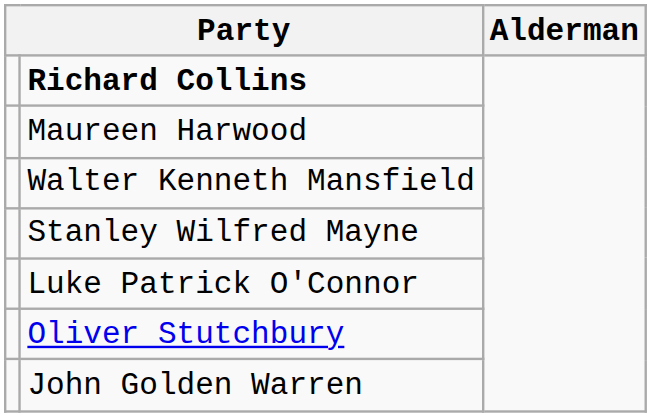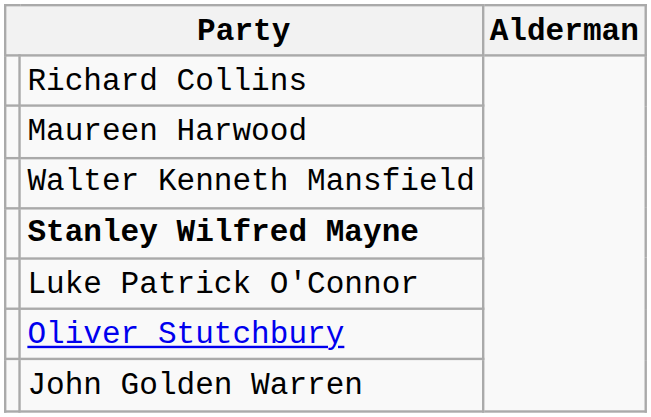 <table class="wikitable">
 <tr>
 <th colspan="2">Party</th>
 <th>Alderman</th>
 </tr>
 <tr>
 <td></td>
-<td><strong>Richard Collins</strong></td>
+<td>Richard Collins</td>
 </tr>
 <tr>
 <td></td>
 <td>Maureen Harwood</td>
 </tr>
 <tr>
 <td></td>
 <td>Walter Kenneth Mansfield</td>
 </tr>
 <tr>
 <td></td>
-<td>Stanley Wilfred Mayne</td>
+<td><strong>Stanley Wilfred Mayne</strong></td>
 </tr>
 <tr>
 <td></td>
 <td>Luke Patrick O'Connor</td>
 </tr>
 <tr>
 <td></td>
 <td><a href='#'>Oliver Stutchbury</a></td>
 </tr>
 <tr>
 <td></td>
 <td>John Golden Warren</td>
 </tr>
 </table>
